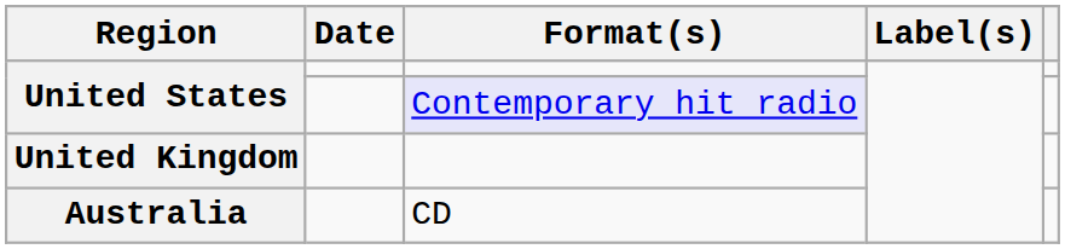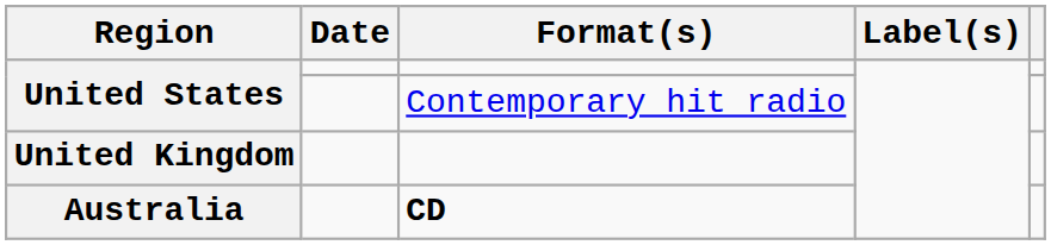 <table class="wikitable plainrowheaders" style="text-align:left">
 <tr>
 <th scope="col">Region</th>
 <th scope="col">Date</th>
 <th scope="col">Format(s)</th>
 <th scope="col">Label(s)</th>
 <th scope="col"></th>
 </tr>
 <tr>
 <th scope="row" rowspan="2">United States</th>
 <td></td>
 <td></td>
 <td rowspan="4"></td>
 <td></td>
 </tr>
 <tr>
 <td></td>
-<td style="background: lavender;"><a href='#'>Contemporary hit radio</a></td>
+<td><a href='#'>Contemporary hit radio</a></td>
 <td></td>
 </tr>
 <tr>
 <th scope="row">United Kingdom</th>
 <td></td>
 <td></td>
 <td></td>
 </tr>
 <tr>
 <th scope="row">Australia</th>
 <td></td>
-<td>CD</td>
+<td><strong>CD</strong></td>
 <td></td>
 </tr>
 </table>
